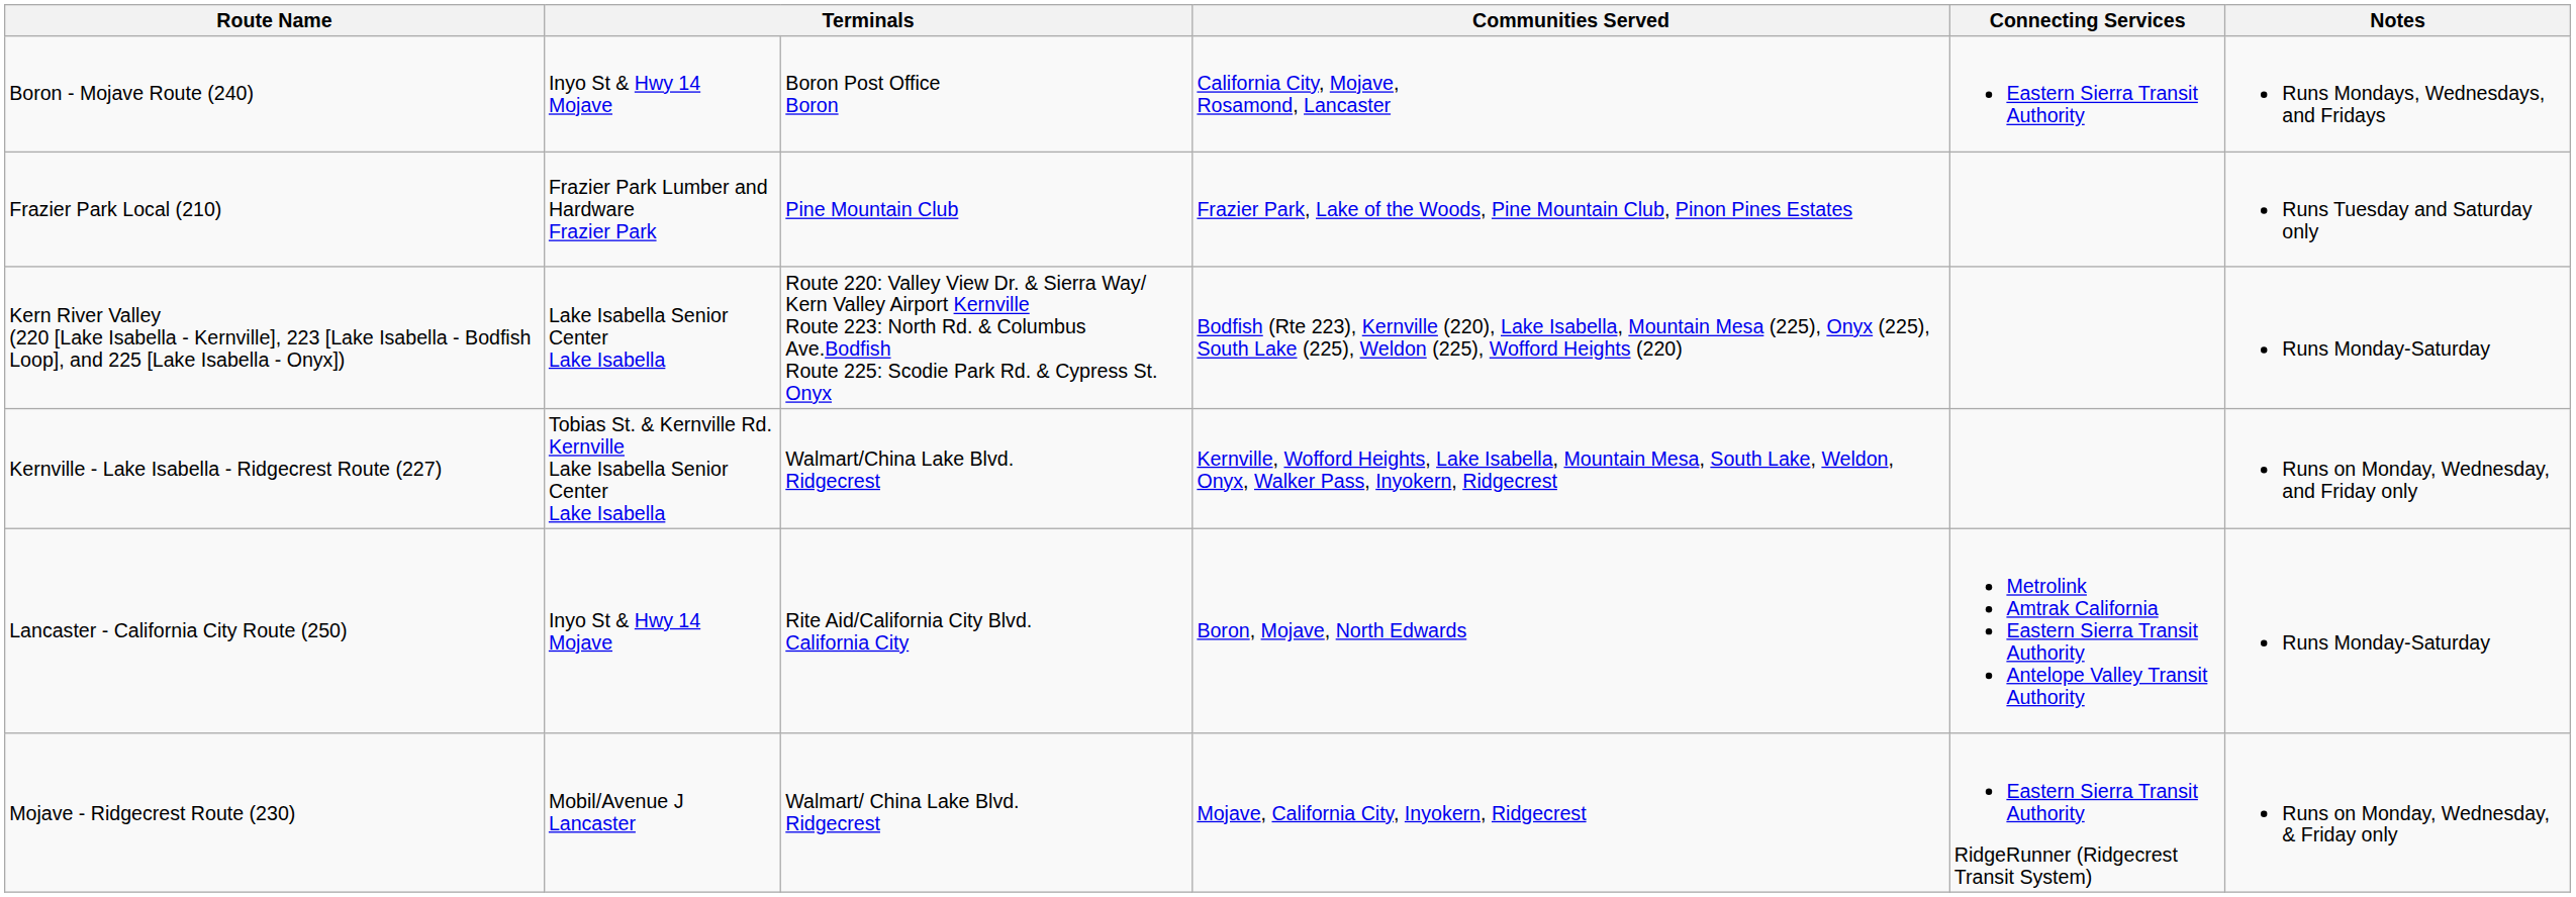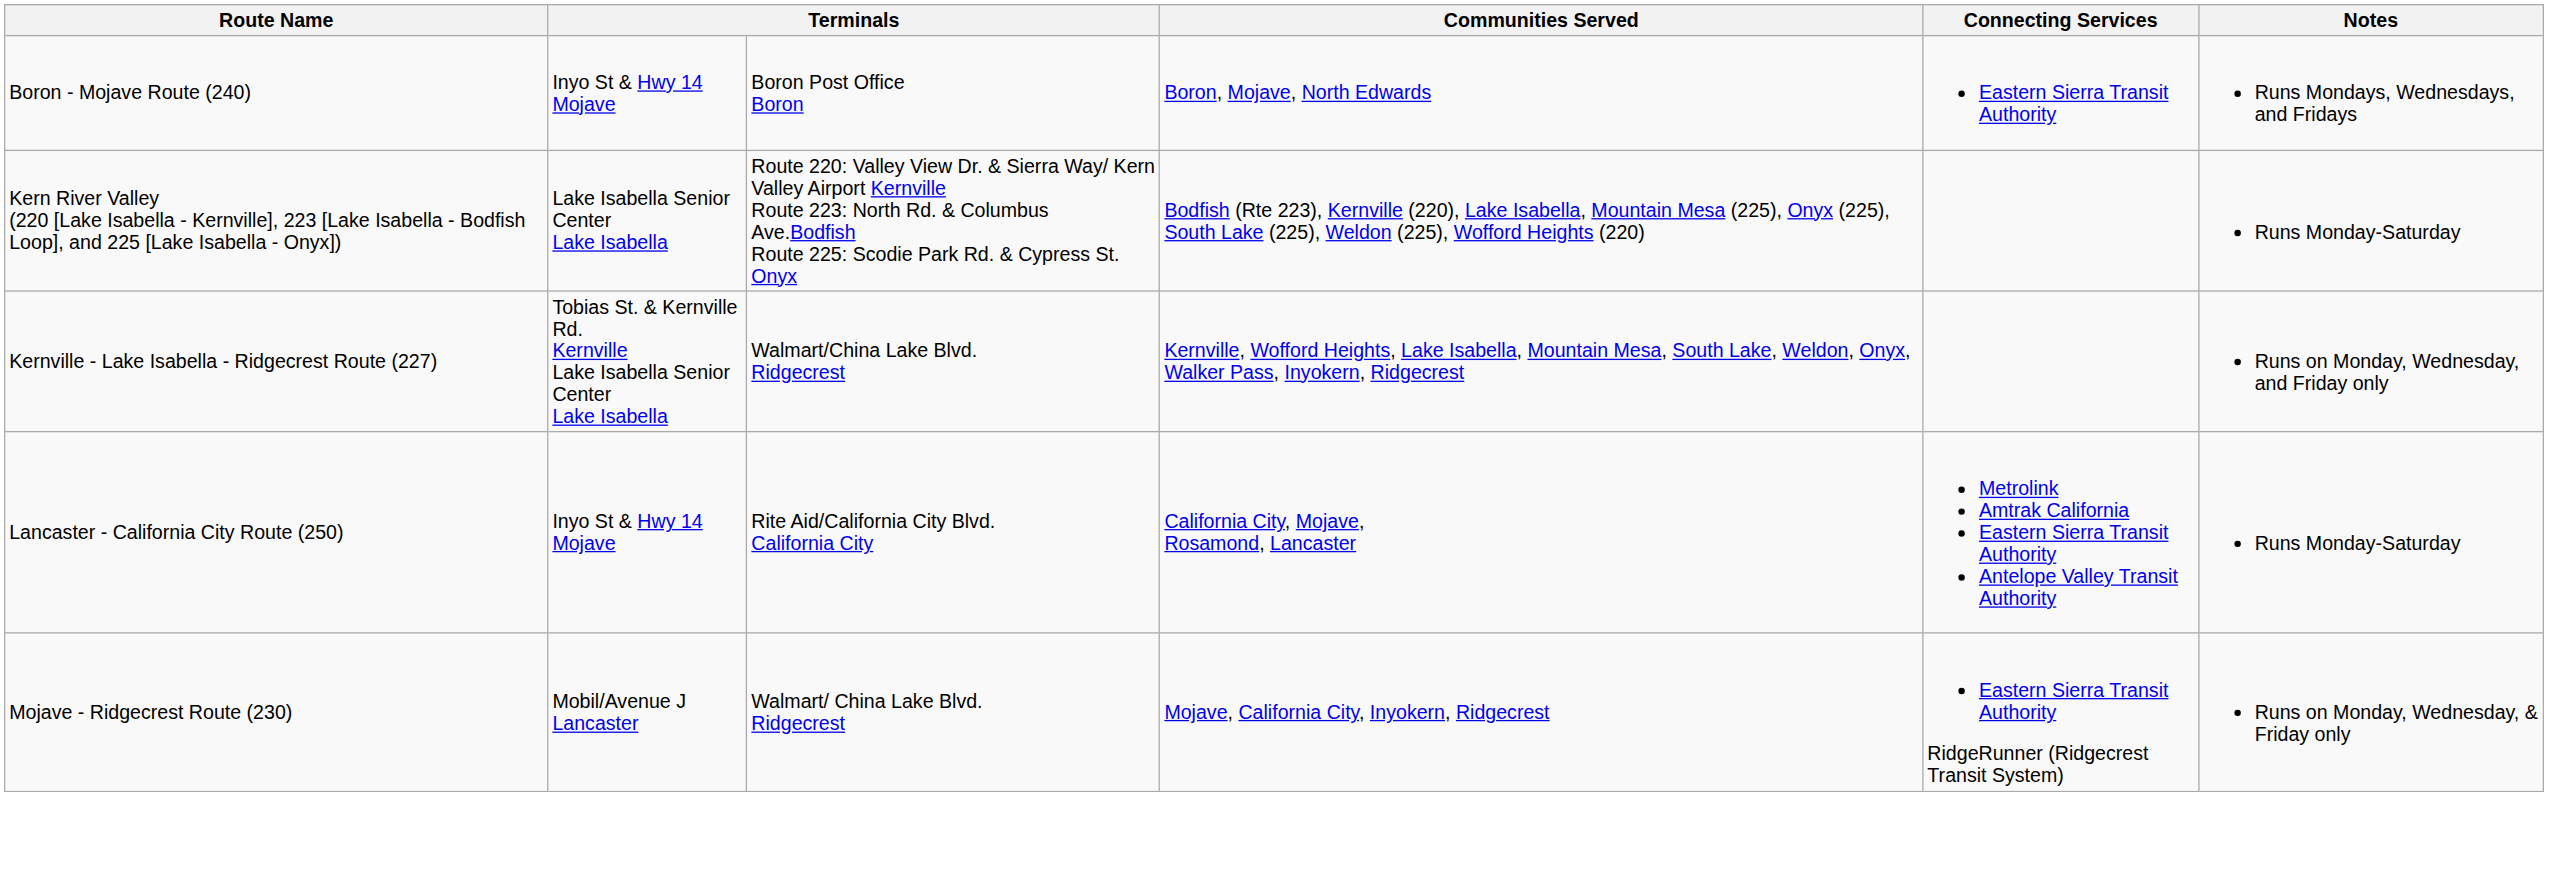 <table class=wikitable style="font-size: 95%;" |>
 <tr>
 <th>Route Name</th>
 <th colspan=2>Terminals</th>
 <th>Communities Served</th>
 <th>Connecting Services</th>
 <th>Notes</th>
 </tr>
 <tr>
 <td>Boron - Mojave Route (240)</td>
 <td>Inyo St & <a href='#'>Hwy 14</a><br><a href='#'>Mojave</a></td>
 <td>Boron Post Office<br><a href='#'>Boron</a></td>
-<td><a href='#'>California City</a>, <a href='#'>Mojave</a>,<br><a href='#'>Rosamond</a>, <a href='#'>Lancaster</a></td>
+<td><a href='#'>Boron</a>, <a href='#'>Mojave</a>, <a href='#'>North Edwards</a></td>
 <td><br><ul><li><a href='#'>Eastern Sierra Transit Authority</a></li></ul></td>
 <td><br><ul><li>Runs Mondays, Wednesdays, and Fridays</li></ul></td>
-</tr>
-<tr>
-<td>Frazier Park Local (210)</td>
-<td>Frazier Park Lumber and Hardware<br><a href='#'>Frazier Park</a></td>
-<td><a href='#'>Pine Mountain Club</a></td>
-<td><a href='#'>Frazier Park</a>, <a href='#'>Lake of the Woods</a>, <a href='#'>Pine Mountain Club</a>, <a href='#'>Pinon Pines Estates</a></td>
-<td></td>
-<td><br><ul><li>Runs Tuesday and Saturday only</li></ul></td>
 </tr>
 <tr>
 <td>Kern River Valley<br>(220 [Lake Isabella - Kernville], 223 [Lake Isabella - Bodfish Loop], and 225 [Lake Isabella - Onyx])</td>
 <td>Lake Isabella Senior Center<br><a href='#'>Lake Isabella</a></td>
 <td>Route 220: Valley View Dr. & Sierra Way/ Kern Valley Airport <a href='#'>Kernville</a><br>Route 223: North Rd. & Columbus Ave.<a href='#'>Bodfish</a><br>Route 225: Scodie Park Rd. & Cypress St. <a href='#'>Onyx</a></td>
 <td><a href='#'>Bodfish</a> (Rte 223), <a href='#'>Kernville</a> (220), <a href='#'>Lake Isabella</a>, <a href='#'>Mountain Mesa</a> (225), <a href='#'>Onyx</a> (225), <a href='#'>South Lake</a> (225), <a href='#'>Weldon</a> (225), <a href='#'>Wofford Heights</a> (220)</td>
 <td></td>
 <td><br><ul><li>Runs Monday-Saturday</li></ul></td>
 </tr>
 <tr>
 <td>Kernville - Lake Isabella - Ridgecrest Route (227)</td>
 <td>Tobias St. & Kernville Rd.<br><a href='#'>Kernville</a><br>Lake Isabella Senior Center<br> <a href='#'>Lake Isabella</a></td>
 <td>Walmart/China Lake Blvd.<br><a href='#'>Ridgecrest</a></td>
 <td><a href='#'>Kernville</a>, <a href='#'>Wofford Heights</a>, <a href='#'>Lake Isabella</a>, <a href='#'>Mountain Mesa</a>, <a href='#'>South Lake</a>, <a href='#'>Weldon</a>, <a href='#'>Onyx</a>, <a href='#'>Walker Pass</a>, <a href='#'>Inyokern</a>, <a href='#'>Ridgecrest</a></td>
 <td></td>
 <td><br><ul><li>Runs on Monday, Wednesday, and Friday only</li></ul></td>
 </tr>
 <tr>
 <td>Lancaster - California City Route (250)</td>
 <td>Inyo St & <a href='#'>Hwy 14</a><br><a href='#'>Mojave</a></td>
 <td>Rite Aid/California City Blvd.<br><a href='#'>California City</a></td>
-<td><a href='#'>Boron</a>, <a href='#'>Mojave</a>, <a href='#'>North Edwards</a></td>
+<td><a href='#'>California City</a>, <a href='#'>Mojave</a>,<br><a href='#'>Rosamond</a>, <a href='#'>Lancaster</a></td>
 <td><br><ul><li><a href='#'>Metrolink</a></li><li><a href='#'>Amtrak California</a></li><li><a href='#'>Eastern Sierra Transit Authority</a></li><li><a href='#'>Antelope Valley Transit Authority</a></li></ul></td>
 <td><br><ul><li>Runs Monday-Saturday</li></ul></td>
 </tr>
 <tr>
 <td>Mojave - Ridgecrest Route (230)</td>
 <td>Mobil/Avenue J<br><a href='#'>Lancaster</a></td>
 <td>Walmart/ China Lake Blvd.<br><a href='#'>Ridgecrest</a></td>
 <td><a href='#'>Mojave</a>, <a href='#'>California City</a>, <a href='#'>Inyokern</a>, <a href='#'>Ridgecrest</a></td>
 <td><br><ul><li><a href='#'>Eastern Sierra Transit Authority</a></li></ul>RidgeRunner (Ridgecrest Transit System)</td>
 <td><br><ul><li>Runs on Monday, Wednesday, & Friday only</li></ul></td>
 </tr>
 </table>
